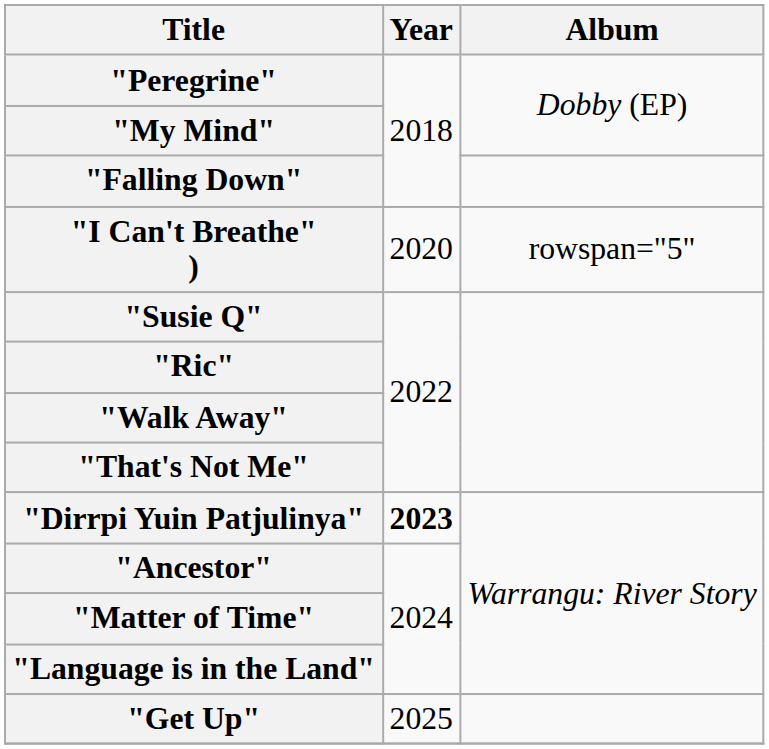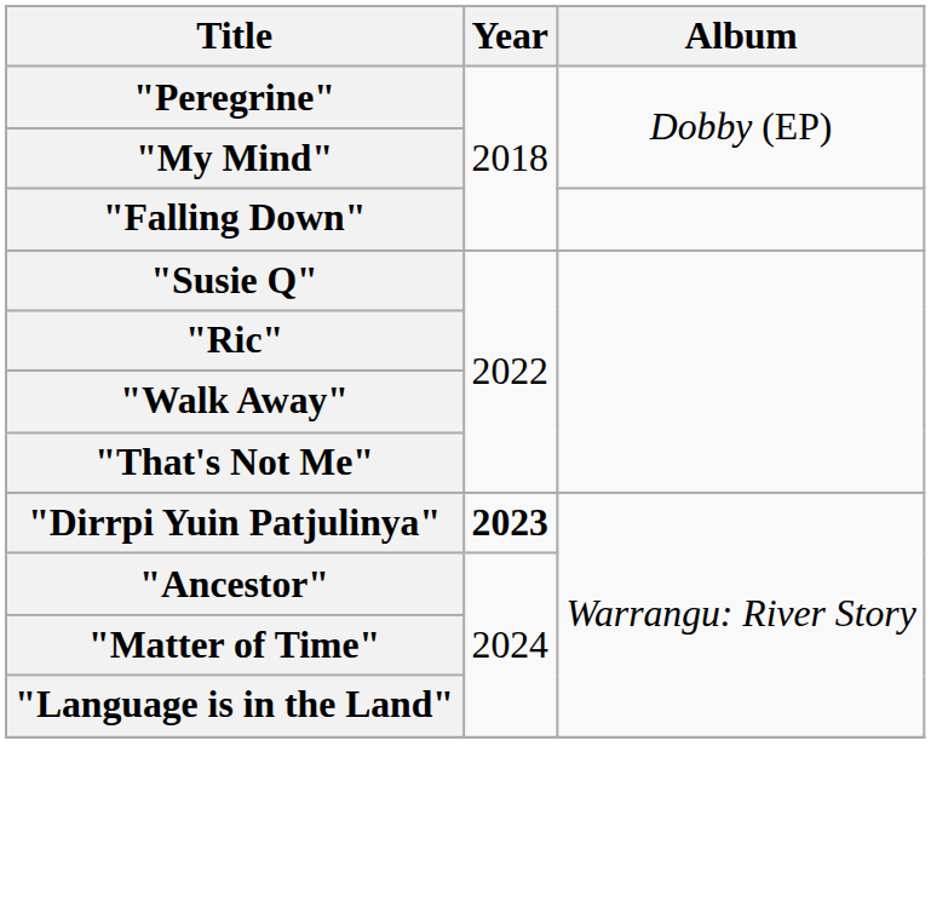 <table class="wikitable plainrowheaders" style="text-align:center;">
 <tr>
 <th scope="col" rowspan="1">Title</th>
 <th scope="col" rowspan="1">Year</th>
 <th scope="col" rowspan="1">Album</th>
 </tr>
 <tr>
 <th scope="row">"Peregrine"</th>
 <td rowspan="3">2018</td>
 <td rowspan="2"><em>Dobby</em> (EP)</td>
 </tr>
 <tr>
 <th scope="row">"My Mind"</th>
 </tr>
 <tr>
 <th scope="row">"Falling Down"<br></th>
 <td></td>
-</tr>
-<tr>
-<th scope="row">"I Can't Breathe"<br>)</th>
-<td rowspan="1">2020</td>
-<td>rowspan="5" </td>
 </tr>
 <tr>
 <th scope="row">"Susie Q"<br></th>
 <td rowspan="4">2022</td>
 </tr>
 <tr>
 <th scope="row">"Ric"</th>
 </tr>
 <tr>
 <th scope="row">"Walk Away"<br></th>
 </tr>
 <tr>
 <th scope="row">"That's Not Me"<br></th>
 </tr>
 <tr>
 <th scope="row">"Dirrpi Yuin Patjulinya"</th>
 <td rowspan="1"><strong>2023</strong></td>
 <td rowspan="4"><em>Warrangu: River Story</em></td>
 </tr>
 <tr>
 <th scope="row">"Ancestor"</th>
 <td rowspan="3">2024</td>
 </tr>
 <tr>
 <th scope="row">"Matter of Time"</th>
 </tr>
 <tr>
 <th scope="row">"Language is in the Land"</th>
 </tr>
 <tr>
-<th scope="row">"Get Up"<br></th>
-<td rowspan="1">2025</td>
-<td></td>
-</tr>
-<tr>
 </tr>
 </table>
